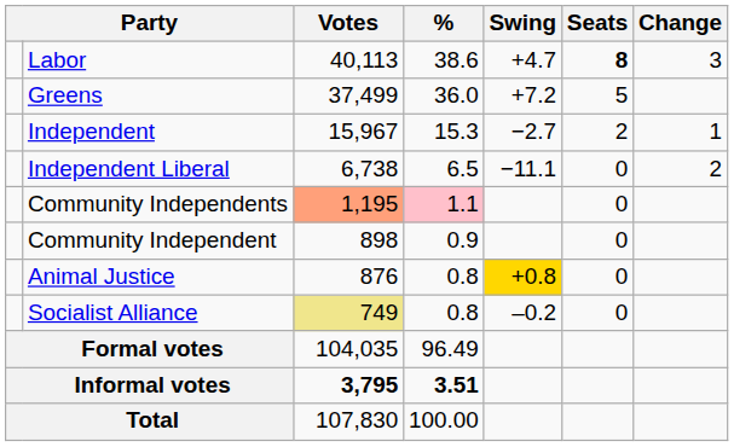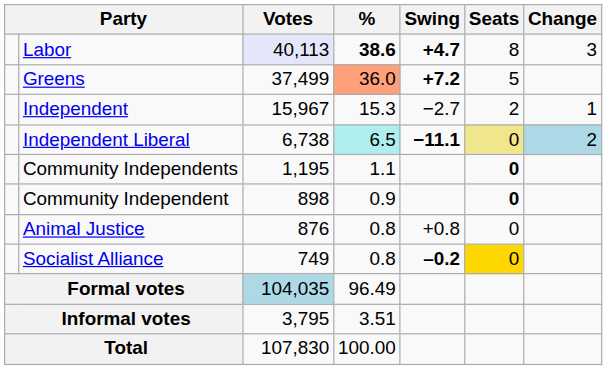 <table class="wikitable" style="text-align:right; margin-bottom:0">
 <tr>
 <th style="width:10px" colspan=3>Party</th>
 <th style="width:70px;">Votes</th>
 <th style="width:40px;">%</th>
 <th style="width:40px;">Swing</th>
 <th style="width:40px;">Seats</th>
 <th style="width:40px;">Change</th>
 </tr>
 <tr>
 <td> </td>
 <td style="text-align:left;" colspan="2"><a href='#'>Labor</a></td>
-<td>40,113</td>
-<td>38.6</td>
-<td>+4.7</td>
-<td><strong>8</strong></td>
+<td style="background: lavender;">40,113</td>
+<td><strong>38.6</strong></td>
+<td><strong>+4.7</strong></td>
+<td>8</td>
 <td> 3</td>
 </tr>
 <tr>
 <td> </td>
 <td style="text-align:left;" colspan="2"><a href='#'>Greens</a></td>
 <td>37,499</td>
-<td>36.0</td>
-<td>+7.2</td>
+<td style="background: lightsalmon;">36.0</td>
+<td><strong>+7.2</strong></td>
 <td>5</td>
 <td></td>
 </tr>
 <tr>
 <td> </td>
 <td style="text-align:left;" colspan="2"><a href='#'>Independent</a></td>
 <td>15,967</td>
 <td>15.3</td>
 <td>−2.7</td>
 <td>2</td>
 <td> 1</td>
 </tr>
 <tr>
 <td> </td>
 <td style="text-align:left;" colspan="2"><a href='#'>Independent Liberal</a></td>
 <td>6,738</td>
-<td>6.5</td>
-<td>−11.1</td>
-<td>0</td>
-<td> 2</td>
+<td style="background: paleturquoise;">6.5</td>
+<td><strong>−11.1</strong></td>
+<td style="background: khaki;">0</td>
+<td style="background: lightblue;"> 2</td>
 </tr>
 <tr>
 <td> </td>
 <td style="text-align:left;" colspan="2">Community Independents</td>
-<td style="background: lightsalmon;">1,195</td>
-<td style="background: pink;">1.1</td>
+<td>1,195</td>
+<td>1.1</td>
 <td></td>
-<td>0</td>
+<td><strong>0</strong></td>
 <td></td>
 </tr>
 <tr>
 <td> </td>
 <td style="text-align:left;" colspan="2">Community Independent</td>
 <td>898</td>
 <td>0.9</td>
 <td></td>
-<td>0</td>
+<td><strong>0</strong></td>
 <td></td>
 </tr>
 <tr>
 <td> </td>
 <td style="text-align:left;" colspan="2"><a href='#'>Animal Justice</a></td>
 <td>876</td>
 <td>0.8</td>
-<td style="background: gold;">+0.8</td>
+<td>+0.8</td>
 <td>0</td>
 <td></td>
 </tr>
 <tr>
 <td> </td>
 <td style="text-align:left;" colspan="2"><a href='#'>Socialist Alliance</a></td>
-<td style="background: khaki;">749</td>
+<td>749</td>
 <td>0.8</td>
-<td>–0.2</td>
-<td>0</td>
+<td><strong>–0.2</strong></td>
+<td style="background: gold;">0</td>
 <td></td>
 </tr>
 <tr>
 <th colspan="3" rowspan="1"> Formal votes</th>
-<td>104,035</td>
+<td style="background: lightblue;">104,035</td>
 <td>96.49</td>
 <td></td>
 <td></td>
 <td></td>
 </tr>
 <tr>
 <th colspan="3" rowspan="1"> Informal votes</th>
-<td><strong>3,795</strong></td>
-<td><strong>3.51</strong></td>
+<td>3,795</td>
+<td>3.51</td>
 <td></td>
 <td></td>
 <td></td>
 </tr>
 <tr>
 <th colspan="3" rowspan="1"> <strong>Total </strong></th>
 <td>107,830</td>
 <td>100.00</td>
 <td></td>
 <td></td>
 <td></td>
 </tr>
 </table>
